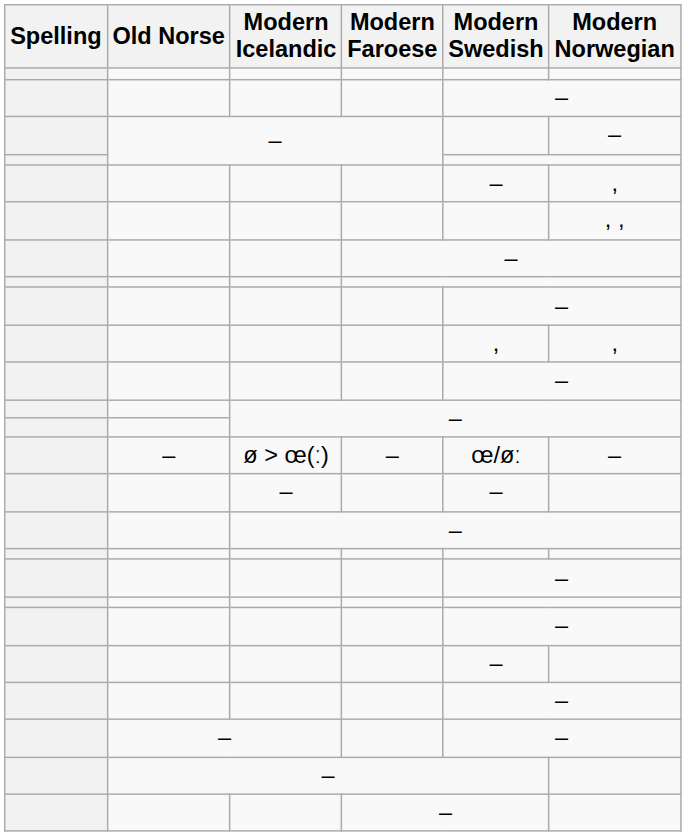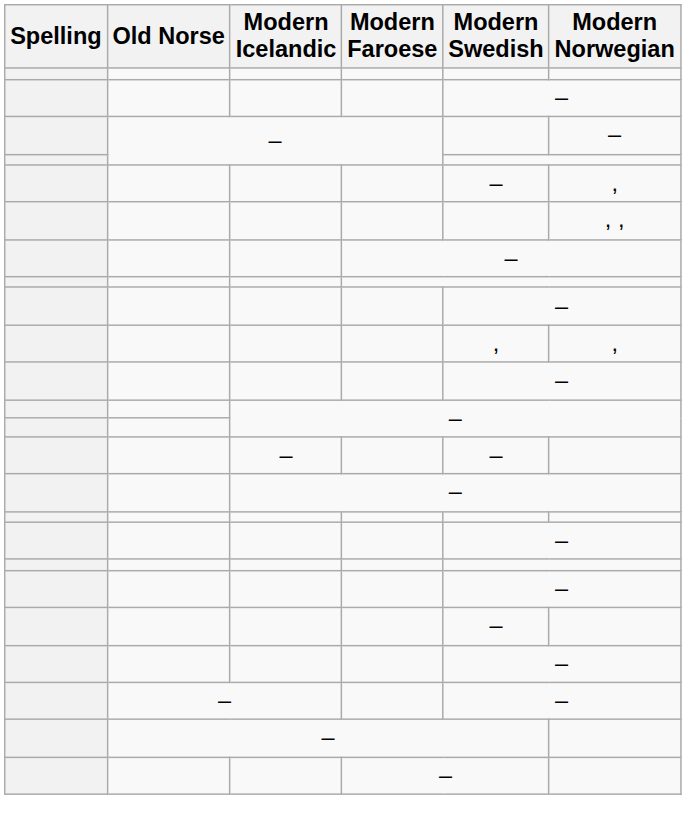 <table class="wikitable" style="text-align: center;">
 <tr>
 <th>Spelling</th>
 <th>Old Norse</th>
 <th>Modern<br>Icelandic</th>
 <th>Modern<br>Faroese</th>
 <th>Modern<br>Swedish</th>
 <th>Modern<br>Norwegian</th>
 </tr>
 <tr>
 <th></th>
 <td></td>
 <td></td>
 <td></td>
 <td></td>
 <td></td>
 </tr>
 <tr>
 <th></th>
 <td></td>
 <td></td>
 <td></td>
 <td colspan="2">–</td>
 </tr>
 <tr>
 <th></th>
 <td colspan="3" rowspan="2">–</td>
 <td></td>
 <td>–</td>
 </tr>
 <tr>
 <th></th>
 <td colspan="2"></td>
 </tr>
 <tr>
 <th></th>
 <td></td>
 <td></td>
 <td></td>
 <td>–</td>
 <td>, </td>
 </tr>
 <tr>
 <th></th>
 <td></td>
 <td></td>
 <td></td>
 <td></td>
 <td>, , </td>
 </tr>
 <tr>
 <th></th>
 <td></td>
 <td></td>
 <td colspan="3">–</td>
 </tr>
 <tr>
 <th></th>
 <td></td>
 <td></td>
 <td colspan="3"></td>
 </tr>
 <tr>
 <th></th>
 <td></td>
 <td></td>
 <td></td>
 <td colspan="2">–</td>
 </tr>
 <tr>
 <th></th>
 <td></td>
 <td></td>
 <td></td>
 <td>, </td>
 <td>, </td>
 </tr>
 <tr>
 <th></th>
 <td></td>
 <td></td>
 <td></td>
 <td colspan="2">–</td>
 </tr>
 <tr>
 <th></th>
 <td></td>
 <td colspan="4" rowspan="2">–</td>
 </tr>
 <tr>
 <th></th>
 <td></td>
 </tr>
 <tr>
 <th></th>
-<td>–</td>
-<td>ø > œ(ː)</td>
-<td>–</td>
-<td>œ/øː</td>
-<td>–</td>
-</tr>
-<tr>
-<th></th>
 <td></td>
 <td>–</td>
 <td></td>
 <td>–</td>
 <td></td>
 </tr>
 <tr>
 <th></th>
 <td></td>
 <td colspan="4">–</td>
 </tr>
 <tr>
 <th></th>
 <td></td>
 <td></td>
 <td></td>
 <td></td>
 <td></td>
 </tr>
 <tr>
 <th></th>
 <td></td>
 <td></td>
 <td></td>
 <td colspan="2">–</td>
 </tr>
 <tr>
 <th></th>
 <td></td>
 <td></td>
 <td></td>
 <td colspan="2"></td>
 </tr>
 <tr>
 <th></th>
 <td></td>
 <td></td>
 <td></td>
 <td colspan="2">–</td>
 </tr>
 <tr>
 <th></th>
 <td></td>
 <td></td>
 <td></td>
 <td>–</td>
 <td></td>
 </tr>
 <tr>
 <th></th>
 <td></td>
 <td></td>
 <td></td>
 <td colspan="2">–</td>
 </tr>
 <tr>
 <th></th>
 <td colspan="2">–</td>
 <td></td>
 <td colspan="2">–</td>
 </tr>
 <tr>
 <th></th>
 <td colspan="4">–</td>
 <td></td>
 </tr>
 <tr>
 <th></th>
 <td></td>
 <td></td>
 <td colspan="2">–</td>
 <td></td>
 </tr>
 </table>
